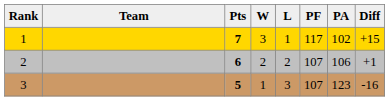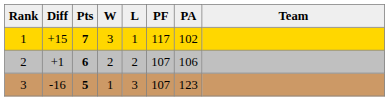 <table style=border-collapse:collapse border=1 cellspacing=0 cellpadding=5>
 <tr align=center bgcolor=#efefef>
 <th width=20>Rank</th>
-<th width=220>Team</th>
+<th width=20>Diff</th>
 <th width=20>Pts</th>
 <th width=20>W</th>
 <th width=20>L</th>
 <th width=20>PF</th>
 <th width=20>PA</th>
-<th width=20>Diff</th>
+<th width=220>Team</th>
 </tr>
 <tr align=center bgcolor=gold>
 <td>1</td>
-<td align=left></td>
+<td>+15</td>
 <td><strong>7</strong></td>
 <td>3</td>
 <td>1</td>
 <td>117</td>
 <td>102</td>
-<td>+15</td>
+<td align=left></td>
 </tr>
 <tr align=center bgcolor=silver>
 <td>2</td>
-<td align=left></td>
+<td>+1</td>
 <td><strong>6</strong></td>
 <td>2</td>
 <td>2</td>
 <td>107</td>
 <td>106</td>
-<td>+1</td>
+<td align=left></td>
 </tr>
 <tr align=center bgcolor=cc9966>
 <td>3</td>
-<td align=left></td>
+<td>-16</td>
 <td><strong>5</strong></td>
 <td>1</td>
 <td>3</td>
 <td>107</td>
 <td>123</td>
-<td>-16</td>
+<td align=left></td>
 </tr>
 </table>
